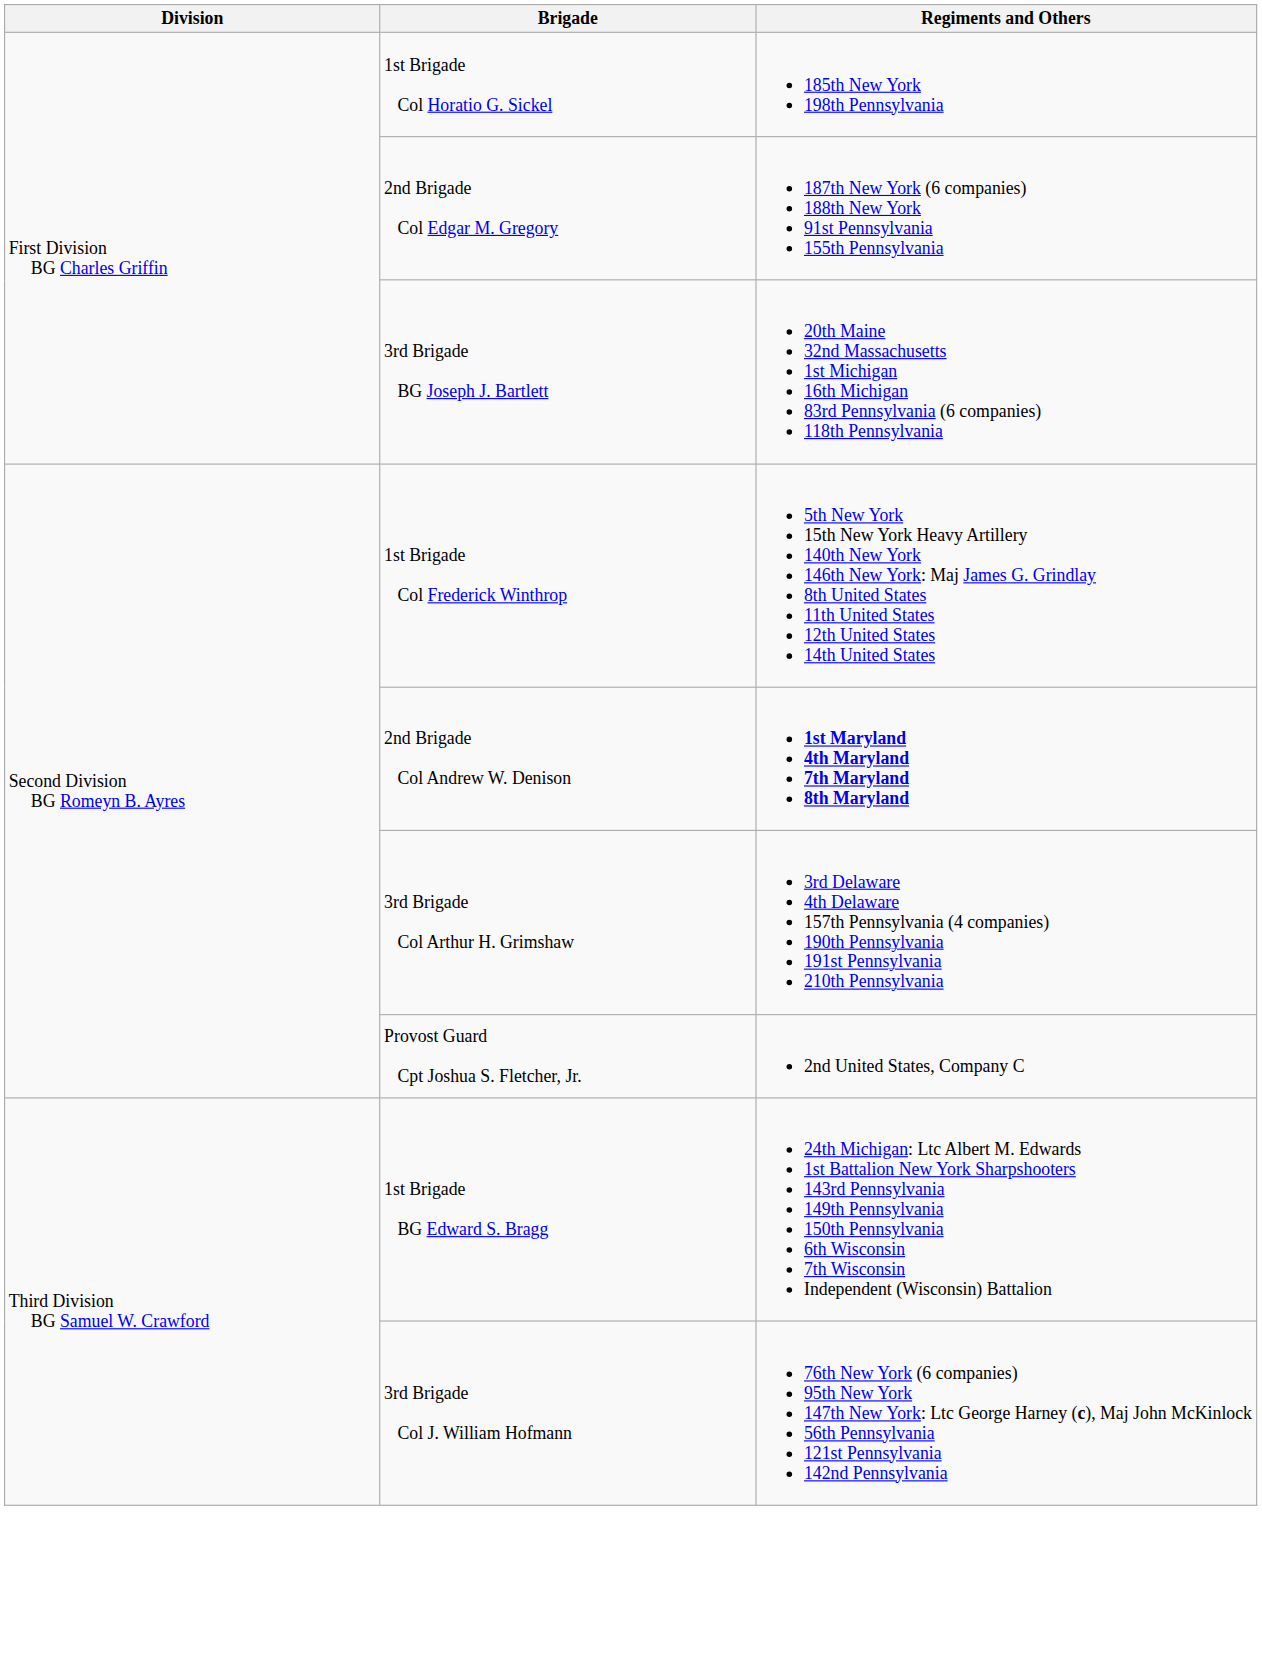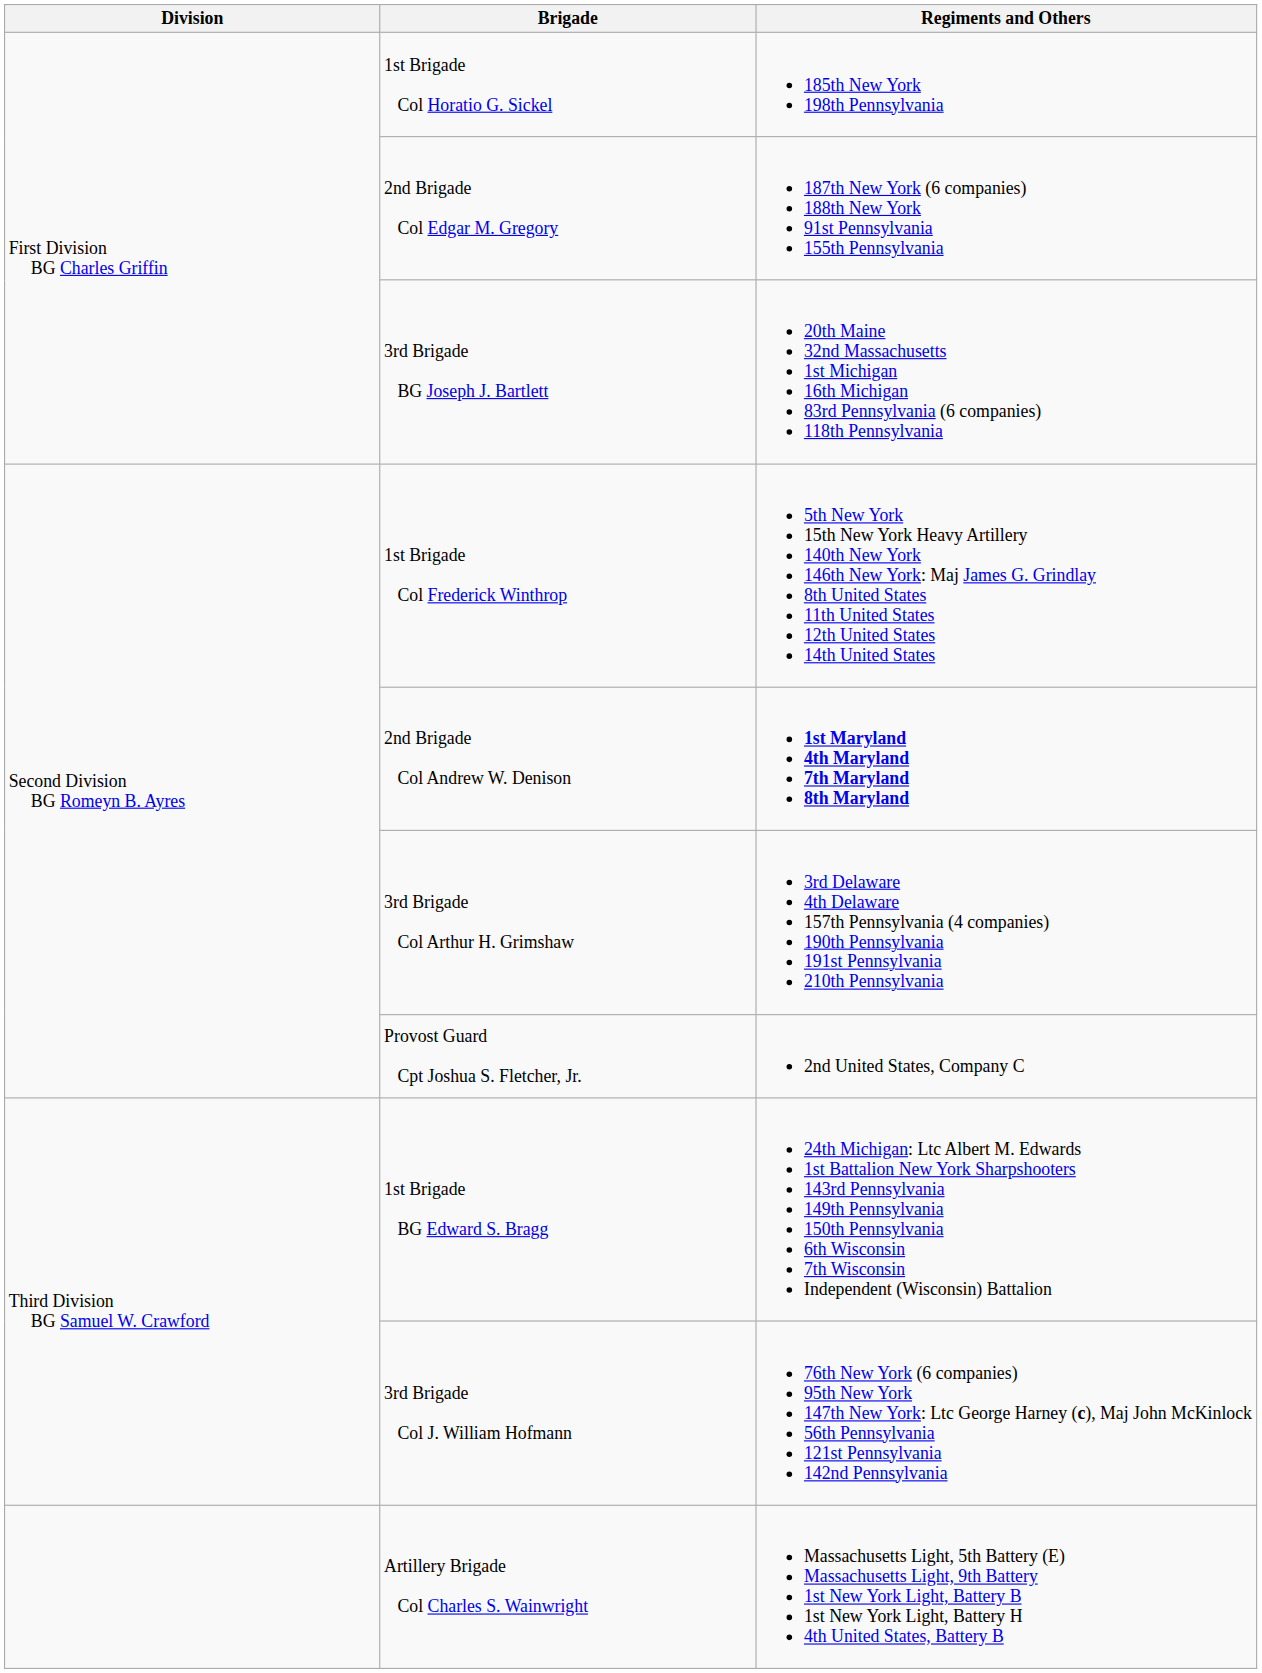 <table class="wikitable">
 <tr>
 <th width=30%>Division</th>
 <th width=30%>Brigade</th>
 <th>Regiments and Others</th>
 </tr>
 <tr>
 <td rowspan=3><br>First Division <br>     BG <a href='#'>Charles Griffin</a></td>
 <td>1st Brigade<br><br>   Col <a href='#'>Horatio G. Sickel</a></td>
 <td><br><ul><li><a href='#'>185th New York</a></li><li><a href='#'>198th Pennsylvania</a></li></ul></td>
 </tr>
 <tr>
 <td>2nd Brigade<br><br>   Col <a href='#'>Edgar M. Gregory</a></td>
 <td><br><ul><li><a href='#'>187th New York</a> (6 companies)</li><li><a href='#'>188th New York</a></li><li><a href='#'>91st Pennsylvania</a></li><li><a href='#'>155th Pennsylvania</a></li></ul></td>
 </tr>
 <tr>
 <td>3rd Brigade<br><br>   BG <a href='#'>Joseph J. Bartlett</a></td>
 <td><br><ul><li><a href='#'>20th Maine</a></li><li><a href='#'>32nd Massachusetts</a></li><li><a href='#'>1st Michigan</a></li><li><a href='#'>16th Michigan</a></li><li><a href='#'>83rd Pennsylvania</a> (6 companies)</li><li><a href='#'>118th Pennsylvania</a></li></ul></td>
 </tr>
 <tr>
 <td rowspan= 4><br>Second Division <br>     BG <a href='#'>Romeyn B. Ayres</a></td>
 <td>1st Brigade<br><br>   Col <a href='#'>Frederick Winthrop</a></td>
 <td><br><ul><li><a href='#'>5th New York</a></li><li>15th New York Heavy Artillery</li><li><a href='#'>140th New York</a></li><li><a href='#'>146th New York</a>:  Maj <a href='#'>James G. Grindlay</a></li><li><a href='#'>8th United States</a></li><li><a href='#'>11th United States</a></li><li><a href='#'>12th United States</a></li><li><a href='#'>14th United States</a></li></ul></td>
 </tr>
 <tr>
 <td>2nd Brigade<br><br>   Col Andrew W. Denison</td>
 <td><strong><br><ul><li><a href='#'>1st Maryland</a></li><li><a href='#'>4th Maryland</a></li><li><a href='#'>7th Maryland</a></li><li><a href='#'>8th Maryland</a></li></ul></strong></td>
 </tr>
 <tr>
 <td>3rd Brigade<br><br>   Col Arthur H. Grimshaw</td>
 <td><br><ul><li><a href='#'>3rd Delaware</a></li><li><a href='#'>4th Delaware</a></li><li>157th Pennsylvania (4 companies)</li><li><a href='#'>190th Pennsylvania</a></li><li><a href='#'>191st Pennsylvania</a></li><li><a href='#'>210th Pennsylvania</a></li></ul></td>
 </tr>
 <tr>
 <td>Provost Guard<br><br>   Cpt Joshua S. Fletcher, Jr.</td>
 <td><br><ul><li>2nd United States, Company C</li></ul></td>
 </tr>
 <tr>
 <td rowspan=2><br>Third Division <br>     BG <a href='#'>Samuel W. Crawford</a></td>
 <td>1st Brigade<br><br>   BG <a href='#'>Edward S. Bragg</a></td>
 <td><br><ul><li><a href='#'>24th Michigan</a>: Ltc Albert M. Edwards</li><li><a href='#'>1st Battalion New York Sharpshooters</a></li><li><a href='#'>143rd Pennsylvania</a></li><li><a href='#'>149th Pennsylvania</a></li><li><a href='#'>150th Pennsylvania</a></li><li><a href='#'>6th Wisconsin</a></li><li><a href='#'>7th Wisconsin</a></li><li>Independent (Wisconsin) Battalion</li></ul></td>
 </tr>
 <tr>
 <td>3rd Brigade<br><br>   Col J. William Hofmann</td>
 <td><br><ul><li><a href='#'>76th New York</a> (6 companies)</li><li><a href='#'>95th New York</a></li><li><a href='#'>147th New York</a>: Ltc George Harney (<strong>c</strong>), Maj John McKinlock</li><li><a href='#'>56th Pennsylvania</a></li><li><a href='#'>121st Pennsylvania</a></li><li><a href='#'>142nd Pennsylvania</a></li></ul></td>
 </tr>
+<tr>
+<td></td>
+<td>Artillery Brigade<br><br>   Col <a href='#'>Charles S. Wainwright</a></td>
+<td><br><ul><li>Massachusetts Light, 5th Battery (E)</li><li><a href='#'>Massachusetts Light, 9th Battery</a></li><li><a href='#'>1st New York Light, Battery B</a></li><li>1st New York Light, Battery H</li><li><a href='#'>4th United States, Battery B</a></li></ul></td>
+</tr>
 </table>
